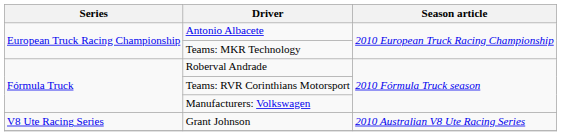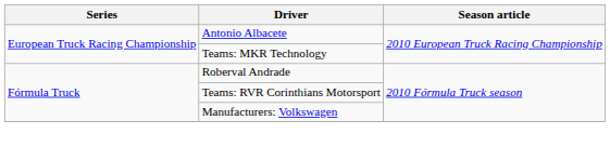 <table class="wikitable" style="font-size: 87%;">
 <tr>
 <th>Series</th>
 <th>Driver</th>
 <th>Season article</th>
 </tr>
 <tr>
 <td rowspan=2><a href='#'>European Truck Racing Championship</a></td>
 <td> <a href='#'>Antonio Albacete</a></td>
 <td rowspan=2><em><a href='#'>2010 European Truck Racing Championship</a></em></td>
 </tr>
 <tr>
 <td>Teams:  MKR Technology</td>
 </tr>
 <tr>
 <td rowspan=3><a href='#'>Fórmula Truck</a></td>
 <td> Roberval Andrade</td>
 <td rowspan=3><em><a href='#'>2010 Fórmula Truck season</a></em></td>
 </tr>
 <tr>
 <td>Teams:  RVR Corinthians Motorsport</td>
 </tr>
 <tr>
 <td>Manufacturers:  <a href='#'>Volkswagen</a></td>
 </tr>
 <tr>
-<td><a href='#'>V8 Ute Racing Series</a></td>
-<td> Grant Johnson</td>
-<td><em><a href='#'>2010 Australian V8 Ute Racing Series</a></em></td>
-</tr>
-<tr>
 </tr>
 </table>
